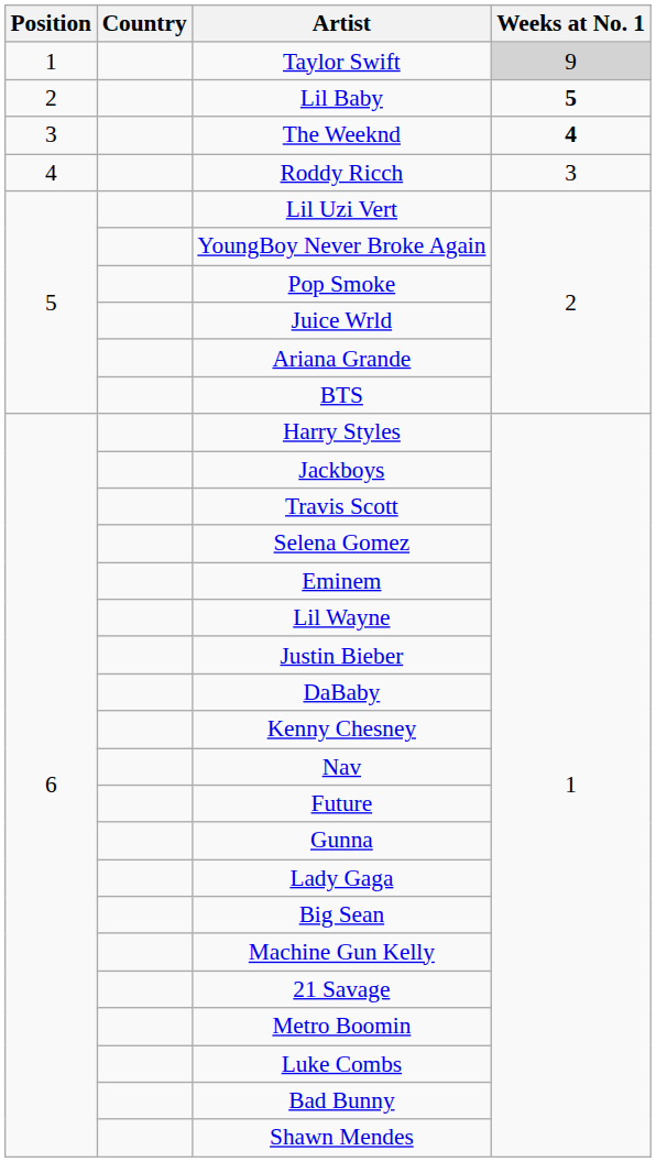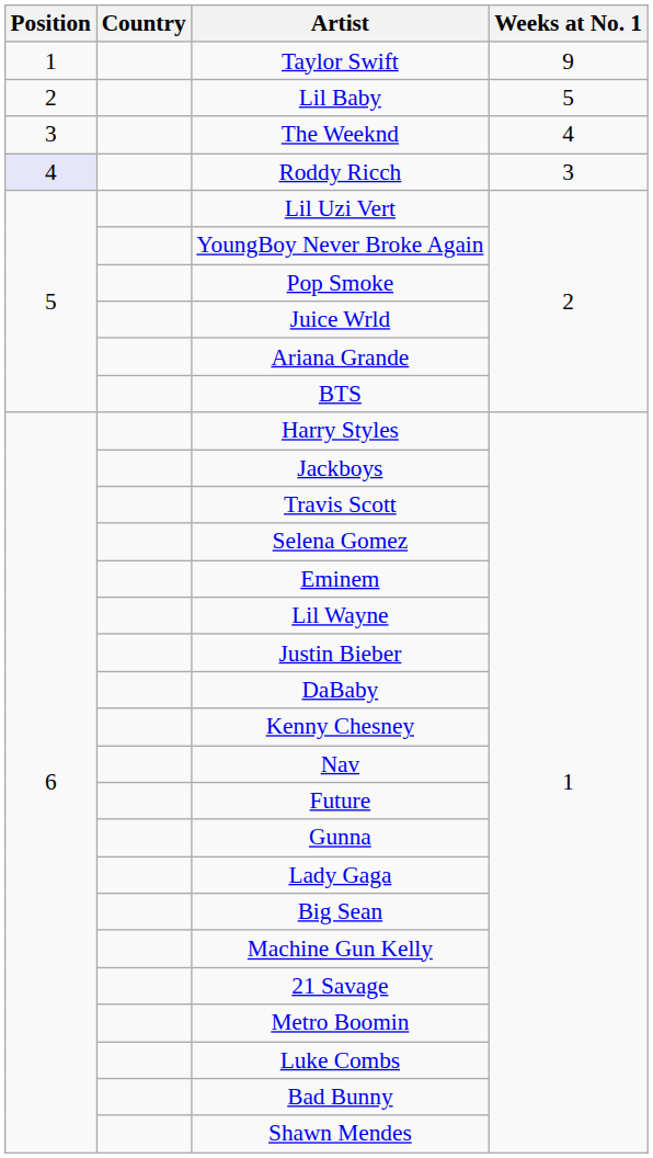 <table class="wikitable plainrowheaders" style="text-align:center;">
 <tr>
 <th>Position </th>
 <th>Country</th>
 <th>Artist</th>
 <th>Weeks at No. 1</th>
 </tr>
 <tr>
 <td>1</td>
 <td></td>
 <td><a href='#'>Taylor Swift</a></td>
-<td style="background: lightgrey;">9</td>
+<td>9</td>
 </tr>
 <tr>
 <td>2</td>
 <td></td>
 <td><a href='#'>Lil Baby</a></td>
-<td><strong>5</strong></td>
+<td>5</td>
 </tr>
 <tr>
 <td>3</td>
 <td></td>
 <td><a href='#'>The Weeknd</a></td>
-<td><strong>4</strong></td>
+<td>4</td>
 </tr>
 <tr>
-<td>4</td>
+<td style="background: lavender;">4</td>
 <td></td>
 <td><a href='#'>Roddy Ricch</a></td>
 <td>3</td>
 </tr>
 <tr>
 <td rowspan="6">5</td>
 <td></td>
 <td><a href='#'>Lil Uzi Vert</a></td>
 <td rowspan="6">2</td>
 </tr>
 <tr>
 <td></td>
 <td><a href='#'>YoungBoy Never Broke Again</a></td>
 </tr>
 <tr>
 <td></td>
 <td><a href='#'>Pop Smoke</a></td>
 </tr>
 <tr>
 <td></td>
 <td><a href='#'>Juice Wrld</a></td>
 </tr>
 <tr>
 <td></td>
 <td><a href='#'>Ariana Grande</a></td>
 </tr>
 <tr>
 <td></td>
 <td><a href='#'>BTS</a></td>
 </tr>
 <tr>
 <td rowspan="21">6</td>
 <td></td>
 <td><a href='#'>Harry Styles</a></td>
 <td rowspan="21">1</td>
 </tr>
 <tr>
 <td></td>
 <td><a href='#'>Jackboys</a></td>
 </tr>
 <tr>
 <td></td>
 <td><a href='#'>Travis Scott</a></td>
 </tr>
 <tr>
 <td></td>
 <td><a href='#'>Selena Gomez</a></td>
 </tr>
 <tr>
 <td></td>
 <td><a href='#'>Eminem</a></td>
 </tr>
 <tr>
 <td></td>
 <td><a href='#'>Lil Wayne</a></td>
 </tr>
 <tr>
 <td></td>
 <td><a href='#'>Justin Bieber</a></td>
 </tr>
 <tr>
 <td></td>
 <td><a href='#'>DaBaby</a></td>
 </tr>
 <tr>
 <td></td>
 <td><a href='#'>Kenny Chesney</a></td>
 </tr>
 <tr>
 <td></td>
 <td><a href='#'>Nav</a></td>
 </tr>
 <tr>
 <td></td>
 <td><a href='#'>Future</a></td>
 </tr>
 <tr>
 <td></td>
 <td><a href='#'>Gunna</a></td>
 </tr>
 <tr>
 <td></td>
 <td><a href='#'>Lady Gaga</a></td>
 </tr>
 <tr>
 <td></td>
 <td><a href='#'>Big Sean</a></td>
 </tr>
 <tr>
 <td></td>
 <td><a href='#'>Machine Gun Kelly</a></td>
 </tr>
 <tr>
 <td></td>
 <td><a href='#'>21 Savage</a></td>
 </tr>
 <tr>
 <td></td>
 <td><a href='#'>Metro Boomin</a></td>
 </tr>
 <tr>
 <td></td>
 <td><a href='#'>Luke Combs</a></td>
 </tr>
 <tr>
 <td></td>
 <td><a href='#'>Bad Bunny</a></td>
 </tr>
 <tr>
 <td></td>
 <td><a href='#'>Shawn Mendes</a></td>
 </tr>
 </table>
